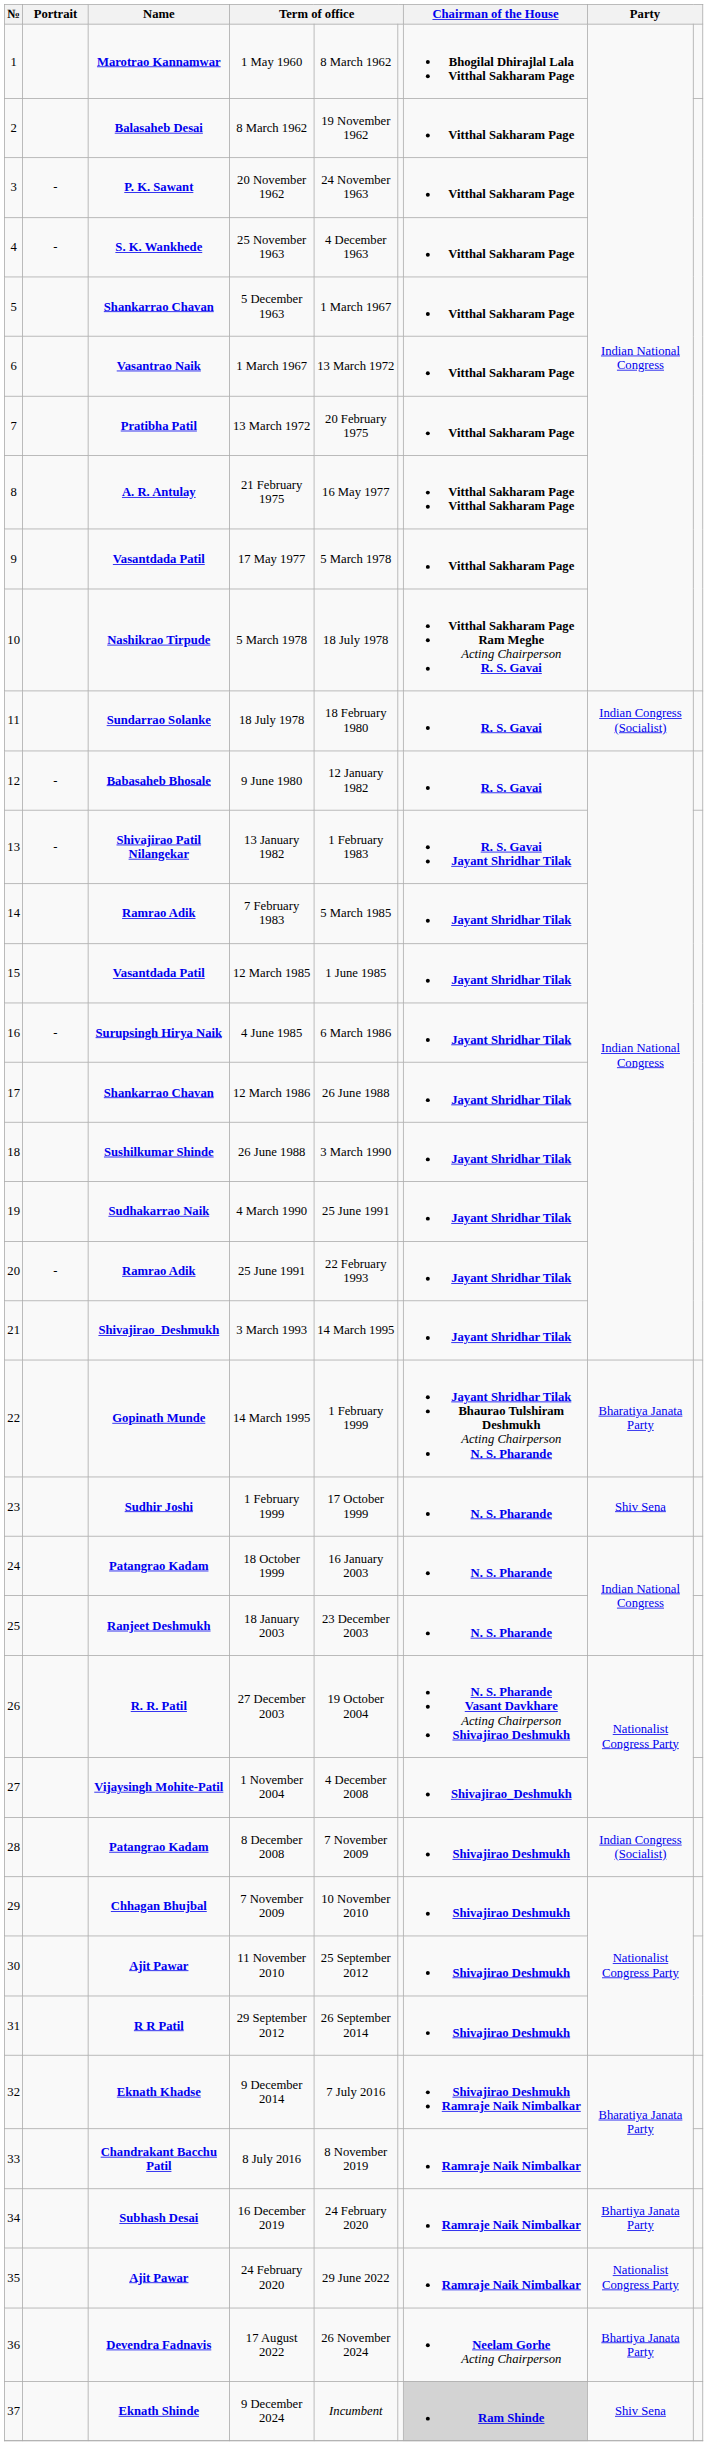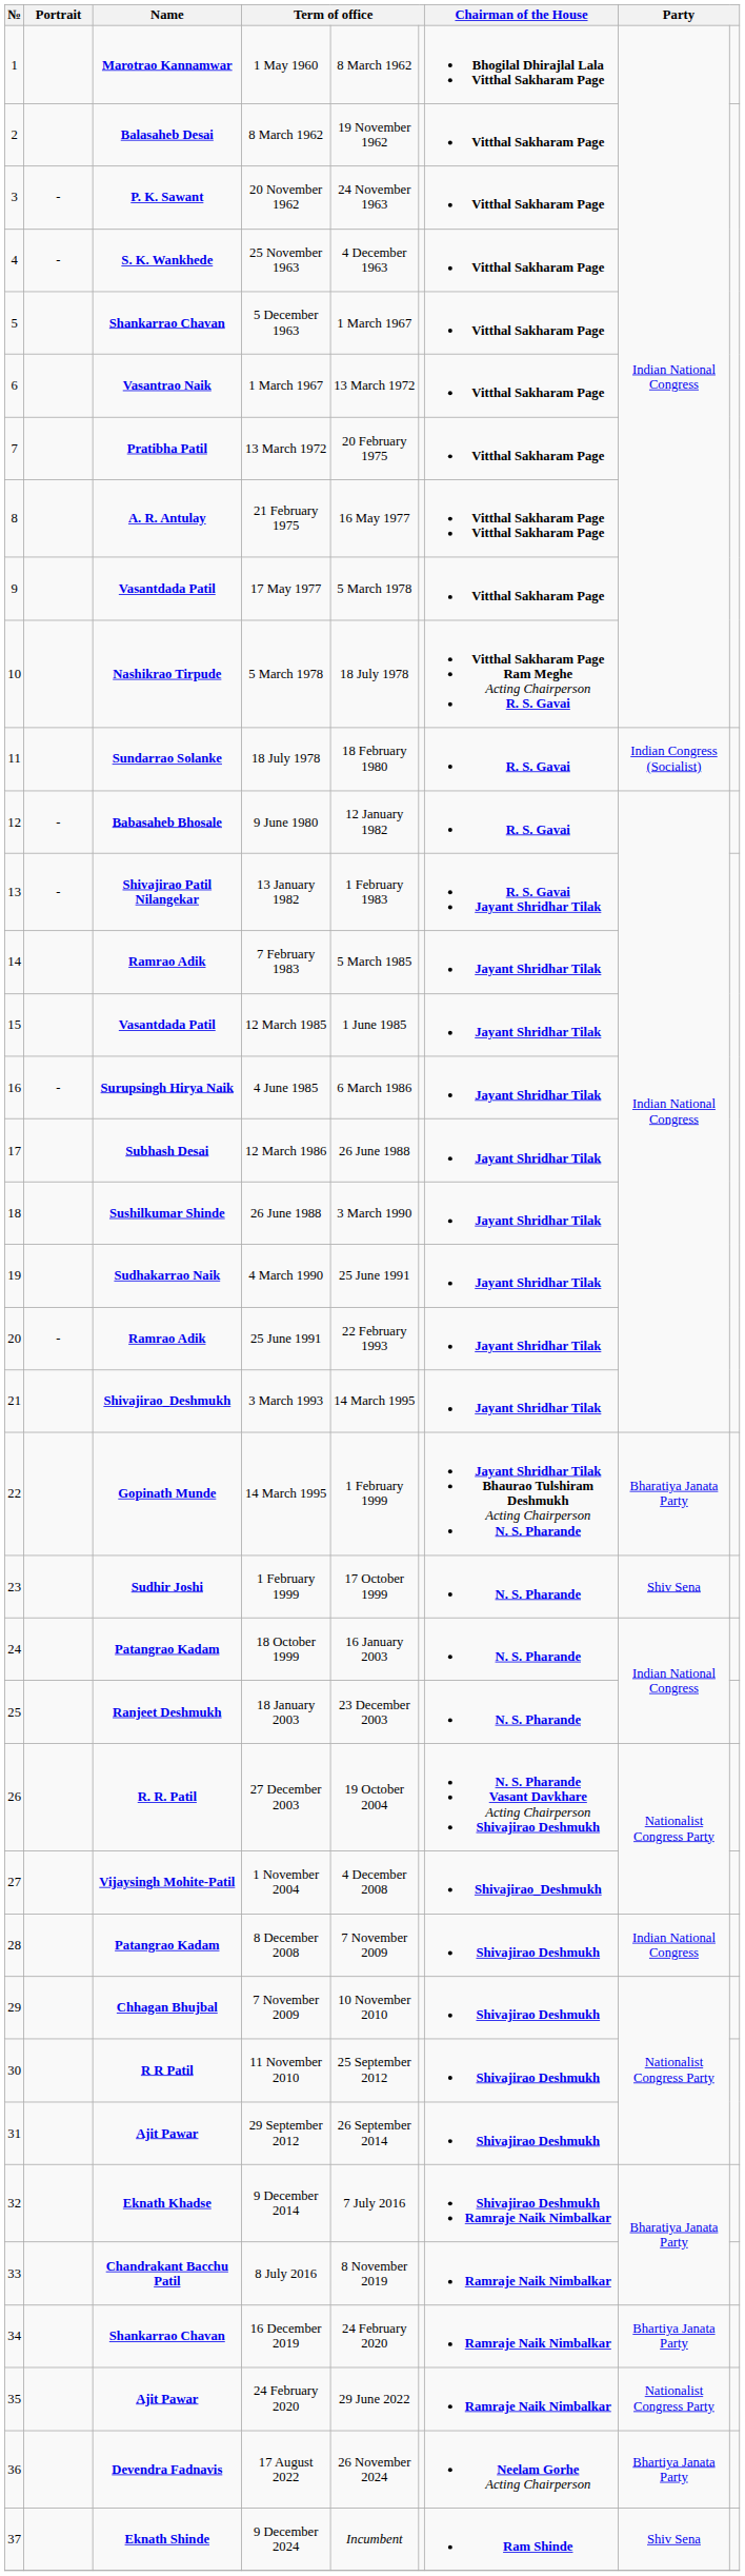 <table class="wikitable sortable" style="width:70%;">
 <tr align=center>
 <th>№</th>
 <th width="75">Portrait</th>
 <th>Name</th>
 <th colspan="3">Term of office</th>
 <th><a href='#'>Chairman of the House</a></th>
 <th colspan=2>Party</th>
 </tr>
 <tr align=center>
 <td>1</td>
 <td></td>
 <td><strong><a href='#'>Marotrao Kannamwar</a></strong> <br></td>
 <td>1 May 1960</td>
 <td>8 March 1962</td>
 <td></td>
 <td><br><ul><li><strong>Bhogilal Dhirajlal Lala</strong></li><li><strong>Vitthal Sakharam Page</strong></li></ul></td>
 <td rowspan="10"><a href='#'>Indian National Congress</a></td>
 <td width="4px"></td>
 </tr>
 <tr align=center>
 <td>2</td>
 <td></td>
 <td><strong><a href='#'>Balasaheb Desai</a></strong>  <br></td>
 <td>8 March 1962</td>
 <td>19 November 1962</td>
 <td></td>
 <td><br><ul><li><strong>Vitthal Sakharam Page</strong></li></ul></td>
 </tr>
 <tr align=center>
 <td>3</td>
 <td>-</td>
 <td><strong><a href='#'>P. K. Sawant</a></strong>  <br></td>
 <td>20 November 1962</td>
 <td>24 November 1963</td>
 <td></td>
 <td><br><ul><li><strong>Vitthal Sakharam Page</strong></li></ul></td>
 </tr>
 <tr align=center>
 <td>4</td>
 <td>-</td>
 <td><strong><a href='#'>S. K. Wankhede</a></strong> <br></td>
 <td>25 November 1963</td>
 <td>4 December 1963</td>
 <td></td>
 <td><br><ul><li><strong>Vitthal Sakharam Page</strong></li></ul></td>
 </tr>
 <tr align=center>
 <td>5</td>
 <td></td>
 <td><strong><a href='#'>Shankarrao Chavan</a></strong>  <br></td>
 <td>5 December 1963</td>
 <td>1 March 1967</td>
 <td></td>
 <td><br><ul><li><strong>Vitthal Sakharam Page</strong></li></ul></td>
 </tr>
 <tr align=center>
 <td>6</td>
 <td></td>
 <td><strong><a href='#'>Vasantrao Naik</a></strong> <br></td>
 <td>1 March 1967</td>
 <td>13 March 1972</td>
 <td></td>
 <td><br><ul><li><strong>Vitthal Sakharam Page</strong></li></ul></td>
 </tr>
 <tr align=center>
 <td>7</td>
 <td></td>
 <td><strong><a href='#'>Pratibha Patil</a></strong> <br></td>
 <td>13 March 1972</td>
 <td>20 February 1975</td>
 <td></td>
 <td><br><ul><li><strong>Vitthal Sakharam Page</strong></li></ul></td>
 </tr>
 <tr align=center>
 <td>8</td>
 <td></td>
 <td><strong><a href='#'>A. R. Antulay</a></strong> <br></td>
 <td>21 February 1975</td>
 <td>16 May 1977</td>
 <td></td>
 <td><br><ul><li><strong>Vitthal Sakharam Page</strong></li><li><strong>Vitthal Sakharam Page</strong></li></ul></td>
 </tr>
 <tr align=center>
 <td>9</td>
 <td></td>
 <td><strong><a href='#'>Vasantdada Patil</a></strong> <br></td>
 <td>17 May 1977</td>
 <td>5 March 1978</td>
 <td></td>
 <td><br><ul><li><strong>Vitthal Sakharam Page</strong></li></ul></td>
 </tr>
 <tr align=center>
 <td>10</td>
 <td></td>
 <td><strong><a href='#'>Nashikrao Tirpude</a></strong> <br></td>
 <td>5 March 1978</td>
 <td>18 July 1978</td>
 <td></td>
 <td><br><ul><li><strong>Vitthal Sakharam Page</strong></li><li><strong>Ram Meghe</strong> <br><em>Acting Chairperson</em></li><li><strong><a href='#'>R. S. Gavai</a></strong></li></ul></td>
 </tr>
 <tr align=center>
 <td>11</td>
 <td></td>
 <td><strong><a href='#'>Sundarrao Solanke</a></strong> <br></td>
 <td>18 July 1978</td>
 <td>18 February 1980</td>
 <td></td>
 <td><br><ul><li><strong><a href='#'>R. S. Gavai</a></strong></li></ul></td>
 <td><a href='#'>Indian Congress (Socialist)</a></td>
 <td width="4px"></td>
 </tr>
 <tr align=center>
 <td>12</td>
 <td>-</td>
 <td><strong><a href='#'>Babasaheb Bhosale</a></strong> <br></td>
 <td>9 June 1980</td>
 <td>12 January 1982</td>
 <td></td>
 <td><br><ul><li><strong><a href='#'>R. S. Gavai</a></strong></li></ul></td>
 <td rowspan="10"><a href='#'>Indian National Congress</a></td>
 <td width="4px"></td>
 </tr>
 <tr align=center>
 <td>13</td>
 <td>-</td>
 <td><strong><a href='#'>Shivajirao Patil Nilangekar</a></strong> <br></td>
 <td>13 January 1982</td>
 <td>1 February 1983</td>
 <td></td>
 <td><br><ul><li><strong><a href='#'>R. S. Gavai</a></strong></li><li><strong><a href='#'>Jayant Shridhar Tilak</a></strong></li></ul></td>
 </tr>
 <tr align=center>
 <td>14</td>
 <td></td>
 <td><strong><a href='#'>Ramrao Adik</a></strong> <br></td>
 <td>7 February 1983</td>
 <td>5 March 1985</td>
 <td></td>
 <td><br><ul><li><strong><a href='#'>Jayant Shridhar Tilak</a></strong></li></ul></td>
 </tr>
 <tr align=center>
 <td>15</td>
 <td></td>
 <td><strong><a href='#'>Vasantdada Patil</a></strong> <br></td>
 <td>12 March 1985</td>
 <td>1 June 1985</td>
 <td></td>
 <td><br><ul><li><strong><a href='#'>Jayant Shridhar Tilak</a></strong></li></ul></td>
 </tr>
 <tr align=center>
 <td>16</td>
 <td>-</td>
 <td><strong><a href='#'>Surupsingh Hirya Naik</a></strong> <br></td>
 <td>4 June 1985</td>
 <td>6 March 1986</td>
 <td></td>
 <td><br><ul><li><strong><a href='#'>Jayant Shridhar Tilak</a></strong></li></ul></td>
 </tr>
 <tr align=center>
 <td>17</td>
 <td></td>
-<td><strong><a href='#'>Shankarrao Chavan</a></strong> <br></td>
+<td><strong><a href='#'>Subhash Desai</a></strong> <br></td>
 <td>12 March 1986</td>
 <td>26 June 1988</td>
 <td></td>
 <td><br><ul><li><strong><a href='#'>Jayant Shridhar Tilak</a></strong></li></ul></td>
 </tr>
 <tr align=center>
 <td>18</td>
 <td></td>
 <td><strong><a href='#'>Sushilkumar Shinde</a></strong> <br></td>
 <td>26 June 1988</td>
 <td>3 March 1990</td>
 <td></td>
 <td><br><ul><li><strong><a href='#'>Jayant Shridhar Tilak</a></strong></li></ul></td>
 </tr>
 <tr align=center>
 <td>19</td>
 <td></td>
 <td><strong><a href='#'>Sudhakarrao Naik</a></strong> <br></td>
 <td>4 March 1990</td>
 <td>25 June 1991</td>
 <td></td>
 <td><br><ul><li><strong><a href='#'>Jayant Shridhar Tilak</a></strong></li></ul></td>
 </tr>
 <tr align=center>
 <td>20</td>
 <td>-</td>
 <td><strong><a href='#'>Ramrao Adik</a></strong> <br></td>
 <td>25 June 1991</td>
 <td>22 February 1993</td>
 <td></td>
 <td><br><ul><li><strong><a href='#'>Jayant Shridhar Tilak</a></strong></li></ul></td>
 </tr>
 <tr align=center>
 <td>21</td>
 <td></td>
 <td><strong><a href='#'>Shivajirao_Deshmukh</a></strong> <br></td>
 <td>3 March 1993</td>
 <td>14 March 1995</td>
 <td></td>
 <td><br><ul><li><strong><a href='#'>Jayant Shridhar Tilak</a></strong></li></ul></td>
 </tr>
 <tr align=center>
 <td>22</td>
 <td></td>
 <td><strong><a href='#'>Gopinath Munde</a></strong> <br></td>
 <td>14 March 1995</td>
 <td>1 February 1999</td>
 <td></td>
 <td><br><ul><li><strong><a href='#'>Jayant Shridhar Tilak</a></strong></li><li><strong>Bhaurao Tulshiram Deshmukh</strong><br><em>Acting Chairperson</em></li><li><strong><a href='#'>N. S. Pharande</a></strong></li></ul></td>
 <td><a href='#'>Bharatiya Janata Party</a></td>
 <td width="4px"></td>
 </tr>
 <tr align=center>
 <td>23</td>
 <td></td>
 <td><strong><a href='#'>Sudhir Joshi</a></strong> <br></td>
 <td>1 February 1999</td>
 <td>17 October 1999</td>
 <td></td>
 <td><br><ul><li><strong><a href='#'>N. S. Pharande</a></strong></li></ul></td>
 <td><a href='#'>Shiv Sena</a></td>
 <td width="4px"></td>
 </tr>
 <tr align=center>
 <td>24</td>
 <td></td>
 <td><strong><a href='#'>Patangrao Kadam</a></strong> <br></td>
 <td>18 October 1999</td>
 <td>16 January 2003</td>
 <td></td>
 <td><br><ul><li><strong><a href='#'>N. S. Pharande</a></strong></li></ul></td>
 <td rowspan="2"><a href='#'>Indian National Congress</a></td>
 <td width="4px"></td>
 </tr>
 <tr align=center>
 <td>25</td>
 <td></td>
 <td><strong><a href='#'>Ranjeet Deshmukh</a></strong> <br></td>
 <td>18 January 2003</td>
 <td>23 December 2003</td>
 <td></td>
 <td><br><ul><li><strong><a href='#'>N. S. Pharande</a></strong></li></ul></td>
 </tr>
 <tr align=center>
 <td>26</td>
 <td></td>
 <td><strong><a href='#'>R. R. Patil</a></strong> <br></td>
 <td>27 December 2003</td>
 <td>19 October 2004</td>
 <td></td>
 <td><br><ul><li><strong><a href='#'>N. S. Pharande</a></strong></li><li><strong><a href='#'>Vasant Davkhare</a></strong><br><em>Acting Chairperson</em></li><li><strong><a href='#'>Shivajirao Deshmukh</a></strong></li></ul></td>
 <td rowspan=2><a href='#'>Nationalist Congress Party</a></td>
 <td width="4px"></td>
 </tr>
 <tr align=center>
 <td>27</td>
 <td></td>
 <td><strong><a href='#'>Vijaysingh Mohite-Patil</a></strong> <br></td>
 <td>1 November 2004</td>
 <td>4 December 2008</td>
 <td></td>
 <td><br><ul><li><strong><a href='#'>Shivajirao_Deshmukh</a></strong></li></ul></td>
 </tr>
 <tr align=center>
 <td>28</td>
 <td></td>
 <td><strong><a href='#'>Patangrao Kadam</a></strong> <br></td>
 <td>8 December 2008</td>
 <td>7 November 2009</td>
 <td></td>
 <td><br><ul><li><strong><a href='#'>Shivajirao Deshmukh</a></strong></li></ul></td>
-<td><a href='#'>Indian Congress (Socialist)</a></td>
+<td><a href='#'>Indian National Congress</a></td>
 <td width="4px"></td>
 </tr>
 <tr align=center>
 <td>29</td>
 <td></td>
 <td><strong><a href='#'>Chhagan Bhujbal</a></strong> <br></td>
 <td>7 November 2009</td>
 <td>10 November 2010</td>
 <td></td>
 <td><br><ul><li><strong><a href='#'>Shivajirao Deshmukh</a></strong></li></ul></td>
 <td rowspan=3><a href='#'>Nationalist Congress Party</a></td>
 <td width="4px"></td>
 </tr>
 <tr align=center>
 <td>30</td>
 <td></td>
-<td><strong><a href='#'>Ajit Pawar </a></strong> <br></td>
+<td><strong><a href='#'>R R Patil </a></strong> <br></td>
 <td>11 November 2010</td>
 <td>25 September 2012</td>
 <td></td>
 <td><br><ul><li><strong><a href='#'>Shivajirao Deshmukh</a></strong></li></ul></td>
 </tr>
 <tr align=center>
 <td>31</td>
 <td></td>
-<td><strong><a href='#'>R R Patil </a></strong> <br></td>
+<td><strong><a href='#'>Ajit Pawar </a></strong> <br></td>
 <td>29 September 2012</td>
 <td>26 September 2014</td>
 <td></td>
 <td><br><ul><li><strong><a href='#'>Shivajirao Deshmukh</a></strong></li></ul></td>
 </tr>
 <tr align=center>
 <td>32</td>
 <td></td>
 <td><strong><a href='#'>Eknath Khadse</a></strong>  <br></td>
 <td>9 December 2014</td>
 <td>7 July 2016</td>
 <td></td>
 <td><br><ul><li><strong><a href='#'>Shivajirao Deshmukh</a></strong></li><li><strong><a href='#'>Ramraje Naik Nimbalkar</a></strong></li></ul></td>
 <td rowspan=2><a href='#'>Bharatiya Janata Party</a></td>
 <td width="4px"></td>
 </tr>
 <tr align=center>
 <td>33</td>
 <td></td>
 <td><strong><a href='#'>Chandrakant Bacchu Patil</a></strong>  <br></td>
 <td>8 July 2016</td>
 <td>8 November 2019</td>
 <td></td>
 <td><br><ul><li><strong><a href='#'>Ramraje Naik Nimbalkar</a></strong></li></ul></td>
 </tr>
 <tr align=center>
 <td>34</td>
 <td></td>
-<td><strong><a href='#'>Subhash Desai</a></strong> <br></td>
+<td><strong><a href='#'>Shankarrao Chavan</a></strong> <br></td>
 <td>16 December 2019</td>
 <td>24 February 2020</td>
 <td></td>
 <td><br><ul><li><strong><a href='#'>Ramraje Naik Nimbalkar</a></strong></li></ul></td>
 <td><a href='#'>Bhartiya Janata Party</a></td>
 <td width="4px"></td>
 </tr>
 <tr align=center>
 <td>35</td>
 <td></td>
 <td><strong><a href='#'>Ajit Pawar</a></strong> <br></td>
 <td>24 February 2020</td>
 <td>29 June 2022</td>
 <td></td>
 <td><br><ul><li><strong><a href='#'>Ramraje Naik Nimbalkar</a></strong></li></ul></td>
 <td><a href='#'>Nationalist Congress Party</a></td>
 <td width="4px"></td>
 </tr>
 <tr align=center>
 <td>36</td>
 <td></td>
 <td><strong><a href='#'>Devendra Fadnavis</a></strong> <br></td>
 <td>17 August 2022</td>
 <td>26 November 2024</td>
 <td></td>
 <td><br><ul><li><strong><a href='#'>Neelam Gorhe</a></strong> <br><em>Acting Chairperson</em></li></ul></td>
 <td><a href='#'>Bhartiya Janata Party</a></td>
 <td width="4px"></td>
 </tr>
 <tr align=center>
 <td>37</td>
 <td></td>
 <td><strong><a href='#'>Eknath Shinde</a></strong> <br></td>
 <td>9 December 2024</td>
 <td><em>Incumbent</em></td>
 <td></td>
-<td style="background: lightgrey;"><br><ul><li><strong><a href='#'>Ram Shinde</a></strong></li></ul></td>
+<td><br><ul><li><strong><a href='#'>Ram Shinde</a></strong></li></ul></td>
 <td><a href='#'>Shiv Sena</a></td>
 <td width="4px"></td>
 </tr>
 <tr align=center>
 </tr>
 </table>
